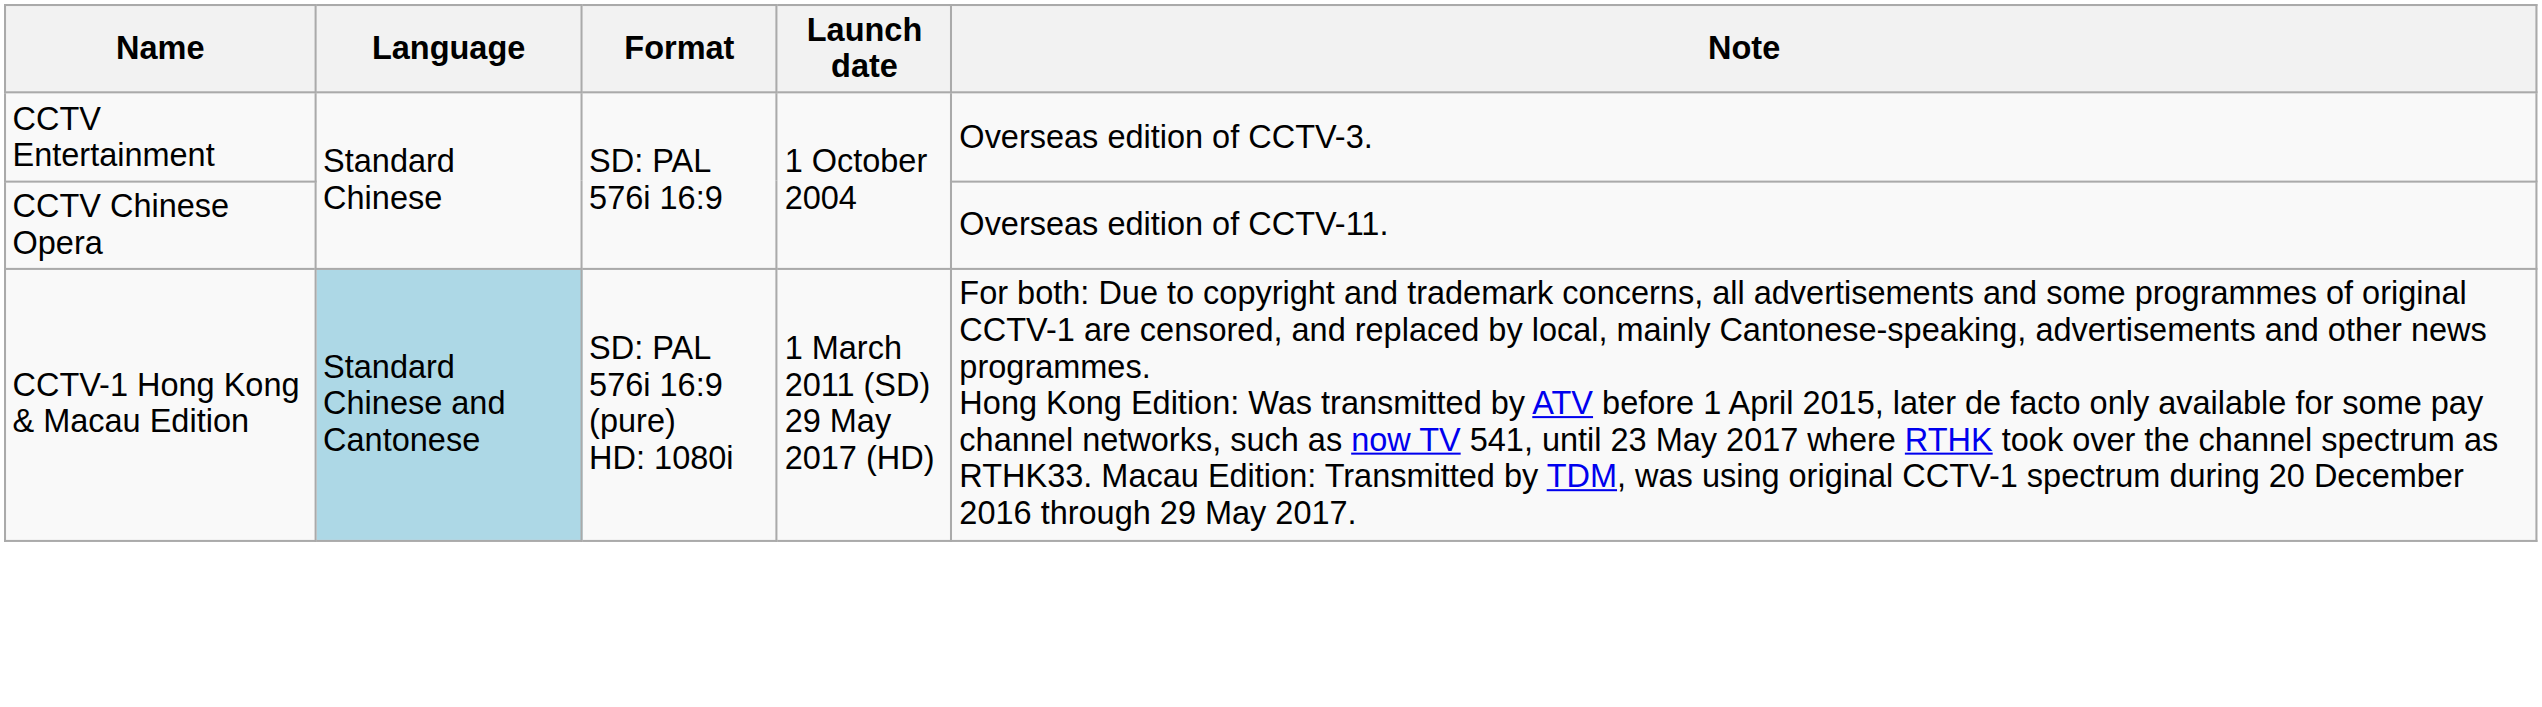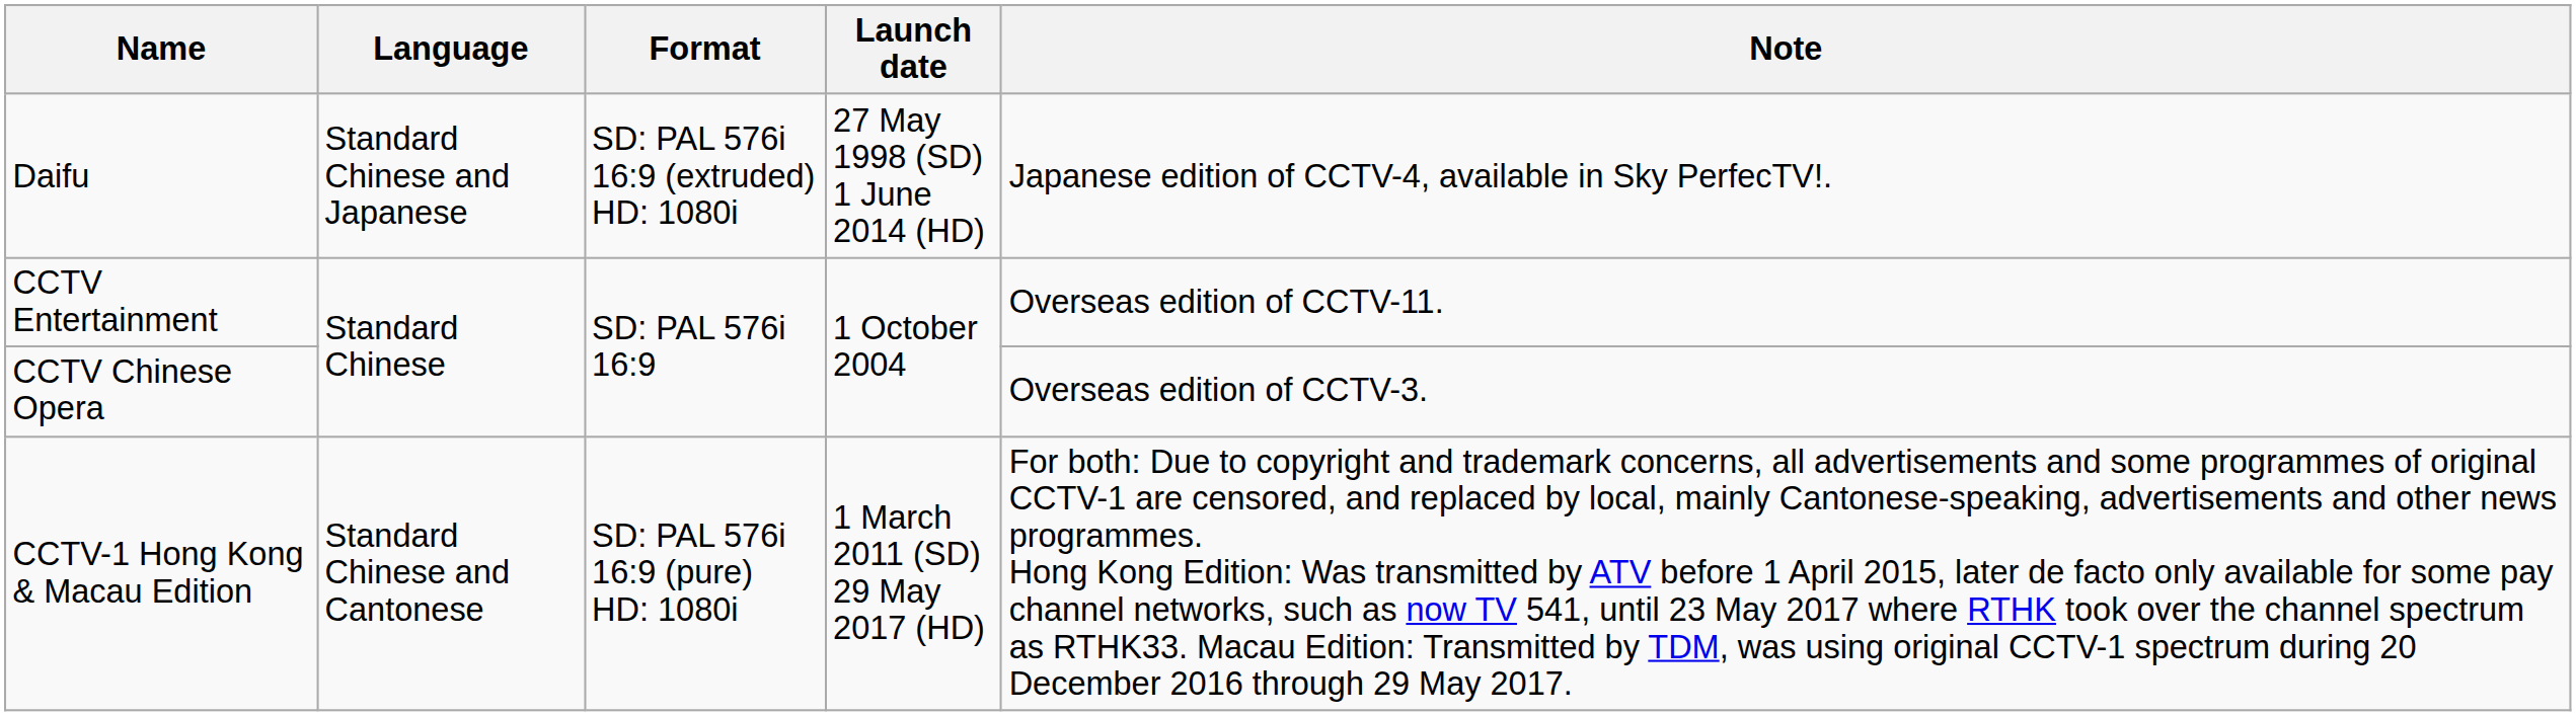 <table class="wikitable">
 <tr>
 <th>Name</th>
 <th>Language</th>
 <th>Format</th>
 <th>Launch date</th>
 <th>Note</th>
 </tr>
 <tr>
+<td>Daifu</td>
+<td>Standard Chinese and Japanese</td>
+<td>SD: PAL 576i 16:9 (extruded)<br>HD: 1080i</td>
+<td>27 May 1998 (SD)<br>1 June 2014 (HD)</td>
+<td>Japanese edition of CCTV-4, available in Sky PerfecTV!.</td>
+</tr>
+<tr>
 <td>CCTV Entertainment</td>
 <td rowspan="2">Standard Chinese</td>
 <td rowspan="2">SD: PAL 576i 16:9</td>
 <td rowspan="2">1 October 2004</td>
+<td>Overseas edition of CCTV-11.</td>
+</tr>
+<tr>
+<td>CCTV Chinese Opera</td>
 <td>Overseas edition of CCTV-3.</td>
 </tr>
 <tr>
-<td>CCTV Chinese Opera</td>
-<td>Overseas edition of CCTV-11.</td>
-</tr>
-<tr>
 <td>CCTV-1 Hong Kong & Macau Edition</td>
-<td style="background: lightblue;">Standard Chinese and Cantonese</td>
+<td>Standard Chinese and Cantonese</td>
 <td>SD: PAL 576i 16:9 (pure)<br>HD: 1080i</td>
 <td>1 March 2011 (SD)<br>29 May 2017 (HD)</td>
 <td>For both: Due to copyright and trademark concerns, all advertisements and some programmes of original CCTV-1 are censored, and replaced by local, mainly Cantonese-speaking, advertisements and other news programmes.<br>Hong Kong Edition: Was transmitted by <a href='#'>ATV</a> before 1 April 2015, later de facto only available for some pay channel networks, such as <a href='#'>now TV</a> 541, until 23 May 2017 where <a href='#'>RTHK</a> took over the channel spectrum as RTHK33. Macau Edition: Transmitted by <a href='#'>TDM</a>, was using original CCTV-1 spectrum during 20 December 2016 through 29 May 2017.</td>
 </tr>
 </table>
